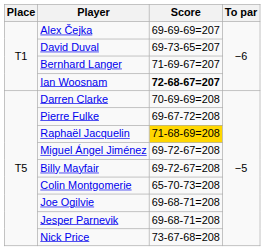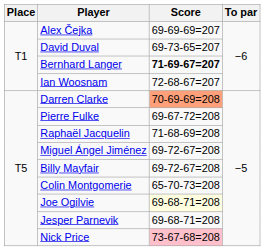 <table class="wikitable">
 <tr>
 <th>Place</th>
 <th>Player</th>
 <th>Score</th>
 <th>To par</th>
 </tr>
 <tr>
 <td rowspan="4" style="text-align:center;">T1</td>
 <td> <a href='#'>Alex Čejka</a></td>
 <td align=center>69-69-69=207</td>
 <td rowspan="4" style="text-align:center;">−6</td>
 </tr>
 <tr>
 <td> <a href='#'>David Duval</a></td>
 <td align=center>69-73-65=207</td>
 </tr>
 <tr>
 <td> <a href='#'>Bernhard Langer</a></td>
-<td align=center>71-69-67=207</td>
+<td align=center><strong>71-69-67=207</strong></td>
 </tr>
 <tr>
 <td> <a href='#'>Ian Woosnam</a></td>
-<td align=center><strong>72-68-67=207</strong></td>
+<td align=center>72-68-67=207</td>
 </tr>
 <tr>
 <td rowspan="9" style="text-align:center;">T5</td>
 <td> <a href='#'>Darren Clarke</a></td>
-<td align=center>70-69-69=208</td>
+<td align=center style="background: lightsalmon;">70-69-69=208</td>
 <td rowspan="9" style="text-align:center;">−5</td>
 </tr>
 <tr>
 <td> <a href='#'>Pierre Fulke</a></td>
 <td align=center>69-67-72=208</td>
 </tr>
 <tr>
 <td> <a href='#'>Raphaël Jacquelin</a></td>
-<td align=center style="background: gold;">71-68-69=208</td>
+<td align=center>71-68-69=208</td>
 </tr>
 <tr>
 <td> <a href='#'>Miguel Ángel Jiménez</a></td>
 <td align=center>69-72-67=208</td>
 </tr>
 <tr>
 <td> <a href='#'>Billy Mayfair</a></td>
 <td align=center>69-72-67=208</td>
 </tr>
 <tr>
 <td> <a href='#'>Colin Montgomerie</a></td>
 <td align=center>65-70-73=208</td>
 </tr>
 <tr>
 <td> <a href='#'>Joe Ogilvie</a></td>
-<td align=center>69-68-71=208</td>
+<td align=center style="background: lightyellow;">69-68-71=208</td>
 </tr>
 <tr>
 <td> <a href='#'>Jesper Parnevik</a></td>
 <td align=center>69-68-71=208</td>
 </tr>
 <tr>
 <td> <a href='#'>Nick Price</a></td>
-<td align=center>73-67-68=208</td>
+<td align=center style="background: pink;">73-67-68=208</td>
 </tr>
 </table>
